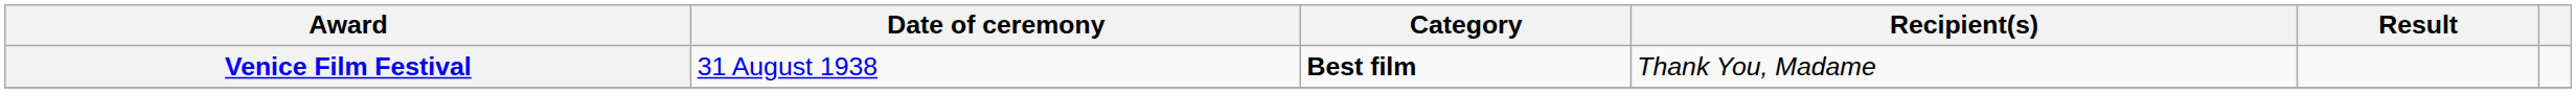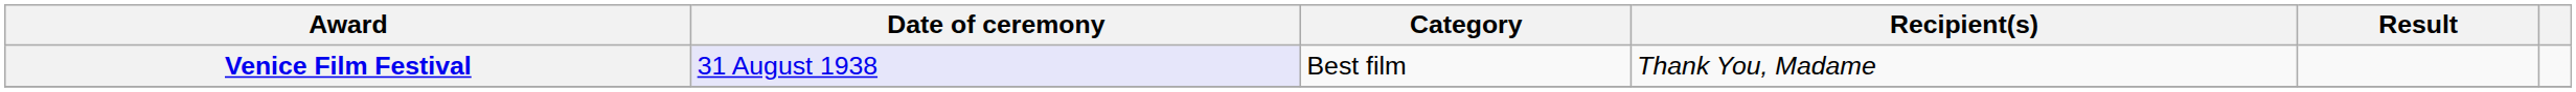 <table class="wikitable sortable plainrowheaders" style="width: 100%;">
 <tr>
 <th scope="col">Award</th>
 <th scope="col">Date of ceremony</th>
 <th scope="col">Category</th>
 <th scope="col">Recipient(s)</th>
 <th scope="col">Result</th>
 <th scope="col" class="unsortable"></th>
 </tr>
 <tr>
 <th><a href='#'>Venice Film Festival</a></th>
-<td><a href='#'>31 August 1938</a></td>
-<td><strong>Best film</strong></td>
+<td style="background: lavender;"><a href='#'>31 August 1938</a></td>
+<td>Best film</td>
 <td><em>Thank You, Madame</em></td>
 <td></td>
 <td></td>
 </tr>
 <tr>
 </tr>
 </table>
